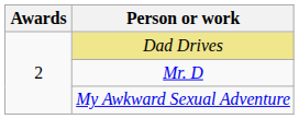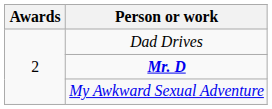 <table class="wikitable sortable" style="text-align:center">
 <tr>
 <th scope="col" style="width:55px;">Awards</th>
 <th scope="col" style="text-align:center;">Person or work</th>
 </tr>
 <tr>
 <td rowspan=3 style="text-align:center">2</td>
-<td style="background: khaki;"><em>Dad Drives</em></td>
+<td><em>Dad Drives</em></td>
 </tr>
 <tr>
-<td><em><a href='#'>Mr. D</a></em></td>
+<td><strong><em><a href='#'>Mr. D</a></em></strong></td>
 </tr>
 <tr>
 <td><em><a href='#'>My Awkward Sexual Adventure</a></em></td>
 </tr>
 </table>
